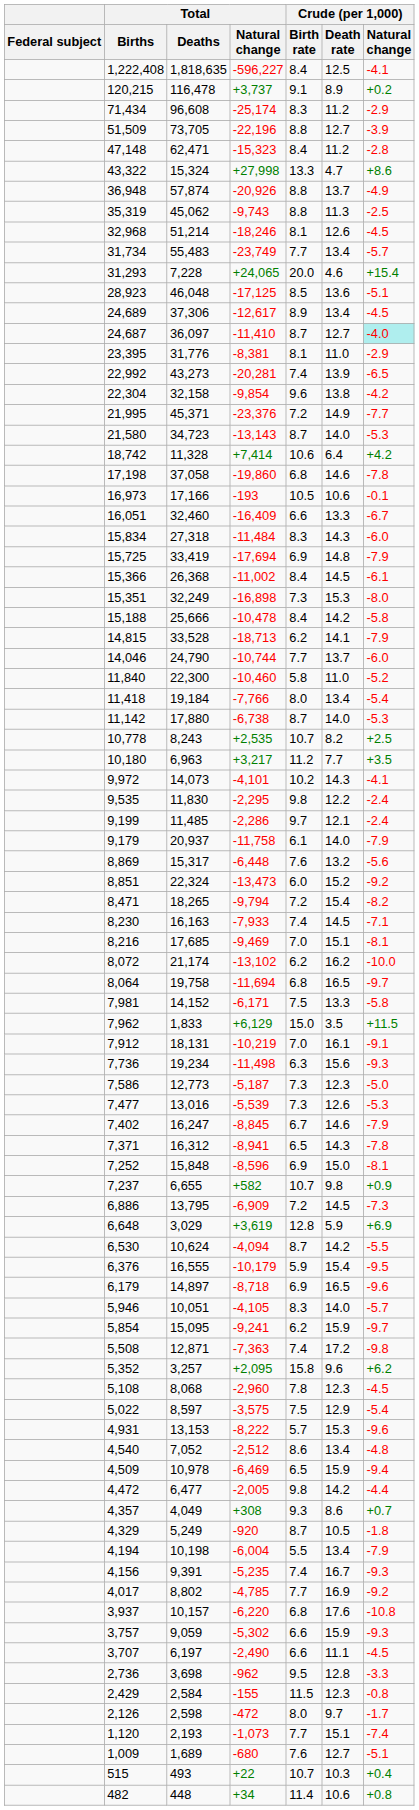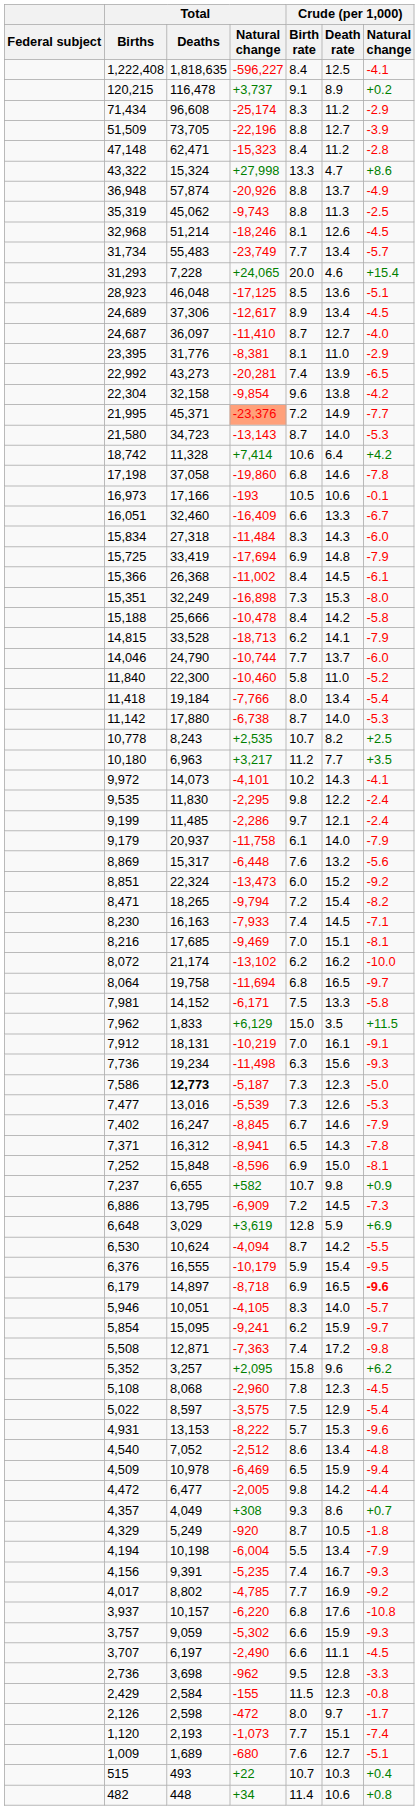 <table class="sortable wikitable sticky-header static-row-numbers col1left" >
 <tr>
 <th></th>
 <th colspan="3"><strong>Total</strong></th>
 <th colspan="3">Crude (per 1,000)</th>
 </tr>
 <tr>
 <th>Federal subject</th>
 <th>Births</th>
 <th>Deaths</th>
 <th>Natural<br>change</th>
 <th>Birth <br>rate</th>
 <th>Death <br>rate</th>
 <th>Natural<br>change</th>
 </tr>
 <tr class="static-row-numbers-norank">
 <td><strong></strong></td>
 <td>1,222,408</td>
 <td>1,818,635</td>
 <td style="color: red">-596,227</td>
 <td>8.4</td>
 <td>12.5</td>
 <td style="color: red">-4.1</td>
 </tr>
 <tr>
 <td></td>
 <td>120,215</td>
 <td>116,478</td>
 <td style="color: green">+3,737</td>
 <td>9.1</td>
 <td>8.9</td>
 <td style="color: green">+0.2</td>
 </tr>
 <tr>
 <td></td>
 <td>71,434</td>
 <td>96,608</td>
 <td style="color: red">-25,174</td>
 <td>8.3</td>
 <td>11.2</td>
 <td style="color: red">-2.9</td>
 </tr>
 <tr>
 <td></td>
 <td>51,509</td>
 <td>73,705</td>
 <td style="color: red">-22,196</td>
 <td>8.8</td>
 <td>12.7</td>
 <td style="color: red">-3.9</td>
 </tr>
 <tr>
 <td></td>
 <td>47,148</td>
 <td>62,471</td>
 <td style="color: red">-15,323</td>
 <td>8.4</td>
 <td>11.2</td>
 <td style="color: red">-2.8</td>
 </tr>
 <tr>
 <td></td>
 <td>43,322</td>
 <td>15,324</td>
 <td style="color: green">+27,998</td>
 <td>13.3</td>
 <td>4.7</td>
 <td style="color: green">+8.6</td>
 </tr>
 <tr>
 <td></td>
 <td>36,948</td>
 <td>57,874</td>
 <td style="color: red">-20,926</td>
 <td>8.8</td>
 <td>13.7</td>
 <td style="color: red">-4.9</td>
 </tr>
 <tr>
 <td></td>
 <td>35,319</td>
 <td>45,062</td>
 <td style="color: red">-9,743</td>
 <td>8.8</td>
 <td>11.3</td>
 <td style="color: red">-2.5</td>
 </tr>
 <tr>
 <td></td>
 <td>32,968</td>
 <td>51,214</td>
 <td style="color: red">-18,246</td>
 <td>8.1</td>
 <td>12.6</td>
 <td style="color: red">-4.5</td>
 </tr>
 <tr>
 <td></td>
 <td>31,734</td>
 <td>55,483</td>
 <td style="color: red">-23,749</td>
 <td>7.7</td>
 <td>13.4</td>
 <td style="color: red">-5.7</td>
 </tr>
 <tr>
 <td></td>
 <td>31,293</td>
 <td>7,228</td>
 <td style="color: green">+24,065</td>
 <td>20.0</td>
 <td>4.6</td>
 <td style="color: green">+15.4</td>
 </tr>
 <tr>
 <td></td>
 <td>28,923</td>
 <td>46,048</td>
 <td style="color: red">-17,125</td>
 <td>8.5</td>
 <td>13.6</td>
 <td style="color: red">-5.1</td>
 </tr>
 <tr>
 <td></td>
 <td>24,689</td>
 <td>37,306</td>
 <td style="color: red">-12,617</td>
 <td>8.9</td>
 <td>13.4</td>
 <td style="color: red">-4.5</td>
 </tr>
 <tr>
 <td></td>
 <td>24,687</td>
 <td>36,097</td>
 <td style="color: red">-11,410</td>
 <td>8.7</td>
 <td>12.7</td>
-<td style="background: paleturquoise; color: red">-4.0</td>
+<td style="color: red">-4.0</td>
 </tr>
 <tr>
 <td></td>
 <td>23,395</td>
 <td>31,776</td>
 <td style="color: red">-8,381</td>
 <td>8.1</td>
 <td>11.0</td>
 <td style="color: red">-2.9</td>
 </tr>
 <tr>
 <td></td>
 <td>22,992</td>
 <td>43,273</td>
 <td style="color: red">-20,281</td>
 <td>7.4</td>
 <td>13.9</td>
 <td style="color: red">-6.5</td>
 </tr>
 <tr>
 <td></td>
 <td>22,304</td>
 <td>32,158</td>
 <td style="color: red">-9,854</td>
 <td>9.6</td>
 <td>13.8</td>
 <td style="color: red">-4.2</td>
 </tr>
 <tr>
 <td></td>
 <td>21,995</td>
 <td>45,371</td>
-<td style="color: red">-23,376</td>
+<td style="background: lightsalmon; color: red">-23,376</td>
 <td>7.2</td>
 <td>14.9</td>
 <td style="color: red">-7.7</td>
 </tr>
 <tr>
 <td></td>
 <td>21,580</td>
 <td>34,723</td>
 <td style="color: red">-13,143</td>
 <td>8.7</td>
 <td>14.0</td>
 <td style="color: red">-5.3</td>
 </tr>
 <tr>
 <td></td>
 <td>18,742</td>
 <td>11,328</td>
 <td style="color: green">+7,414</td>
 <td>10.6</td>
 <td>6.4</td>
 <td style="color: green">+4.2</td>
 </tr>
 <tr>
 <td></td>
 <td>17,198</td>
 <td>37,058</td>
 <td style="color: red">-19,860</td>
 <td>6.8</td>
 <td>14.6</td>
 <td style="color: red">-7.8</td>
 </tr>
 <tr>
 <td></td>
 <td>16,973</td>
 <td>17,166</td>
 <td style="color: red">-193</td>
 <td>10.5</td>
 <td>10.6</td>
 <td style="color: red">-0.1</td>
 </tr>
 <tr>
 <td></td>
 <td>16,051</td>
 <td>32,460</td>
 <td style="color: red">-16,409</td>
 <td>6.6</td>
 <td>13.3</td>
 <td style="color: red">-6.7</td>
 </tr>
 <tr>
 <td></td>
 <td>15,834</td>
 <td>27,318</td>
 <td style="color: red">-11,484</td>
 <td>8.3</td>
 <td>14.3</td>
 <td style="color: red">-6.0</td>
 </tr>
 <tr>
 <td></td>
 <td>15,725</td>
 <td>33,419</td>
 <td style="color: red">-17,694</td>
 <td>6.9</td>
 <td>14.8</td>
 <td style="color: red">-7.9</td>
 </tr>
 <tr>
 <td></td>
 <td>15,366</td>
 <td>26,368</td>
 <td style="color: red">-11,002</td>
 <td>8.4</td>
 <td>14.5</td>
 <td style="color: red">-6.1</td>
 </tr>
 <tr>
 <td></td>
 <td>15,351</td>
 <td>32,249</td>
 <td style="color: red">-16,898</td>
 <td>7.3</td>
 <td>15.3</td>
 <td style="color: red">-8.0</td>
 </tr>
 <tr>
 <td></td>
 <td>15,188</td>
 <td>25,666</td>
 <td style="color: red">-10,478</td>
 <td>8.4</td>
 <td>14.2</td>
 <td style="color: red">-5.8</td>
 </tr>
 <tr>
 <td></td>
 <td>14,815</td>
 <td>33,528</td>
 <td style="color: red">-18,713</td>
 <td>6.2</td>
 <td>14.1</td>
 <td style="color: red">-7.9</td>
 </tr>
 <tr>
 <td></td>
 <td>14,046</td>
 <td>24,790</td>
 <td style="color: red">-10,744</td>
 <td>7.7</td>
 <td>13.7</td>
 <td style="color: red">-6.0</td>
 </tr>
 <tr>
 <td></td>
 <td>11,840</td>
 <td>22,300</td>
 <td style="color: red">-10,460</td>
 <td>5.8</td>
 <td>11.0</td>
 <td style="color: red">-5.2</td>
 </tr>
 <tr>
 <td></td>
 <td>11,418</td>
 <td>19,184</td>
 <td style="color: red">-7,766</td>
 <td>8.0</td>
 <td>13.4</td>
 <td style="color: red">-5.4</td>
 </tr>
 <tr>
 <td></td>
 <td>11,142</td>
 <td>17,880</td>
 <td style="color: red">-6,738</td>
 <td>8.7</td>
 <td>14.0</td>
 <td style="color: red">-5.3</td>
 </tr>
 <tr>
 <td></td>
 <td>10,778</td>
 <td>8,243</td>
 <td style="color: green">+2,535</td>
 <td>10.7</td>
 <td>8.2</td>
 <td style="color: green">+2.5</td>
 </tr>
 <tr>
 <td></td>
 <td>10,180</td>
 <td>6,963</td>
 <td style="color: green">+3,217</td>
 <td>11.2</td>
 <td>7.7</td>
 <td style="color: green">+3.5</td>
 </tr>
 <tr>
 <td></td>
 <td>9,972</td>
 <td>14,073</td>
 <td style="color: red">-4,101</td>
 <td>10.2</td>
 <td>14.3</td>
 <td style="color: red">-4.1</td>
 </tr>
 <tr>
 <td></td>
 <td>9,535</td>
 <td>11,830</td>
 <td style="color: red">-2,295</td>
 <td>9.8</td>
 <td>12.2</td>
 <td style="color: red">-2.4</td>
 </tr>
 <tr>
 <td></td>
 <td>9,199</td>
 <td>11,485</td>
 <td style="color: red">-2,286</td>
 <td>9.7</td>
 <td>12.1</td>
 <td style="color: red">-2.4</td>
 </tr>
 <tr>
 <td></td>
 <td>9,179</td>
 <td>20,937</td>
 <td style="color: red">-11,758</td>
 <td>6.1</td>
 <td>14.0</td>
 <td style="color: red">-7.9</td>
 </tr>
 <tr>
 <td></td>
 <td>8,869</td>
 <td>15,317</td>
 <td style="color: red">-6,448</td>
 <td>7.6</td>
 <td>13.2</td>
 <td style="color: red">-5.6</td>
 </tr>
 <tr>
 <td></td>
 <td>8,851</td>
 <td>22,324</td>
 <td style="color: red">-13,473</td>
 <td>6.0</td>
 <td>15.2</td>
 <td style="color: red">-9.2</td>
 </tr>
 <tr>
 <td></td>
 <td>8,471</td>
 <td>18,265</td>
 <td style="color: red">-9,794</td>
 <td>7.2</td>
 <td>15.4</td>
 <td style="color: red">-8.2</td>
 </tr>
 <tr>
 <td></td>
 <td>8,230</td>
 <td>16,163</td>
 <td style="color: red">-7,933</td>
 <td>7.4</td>
 <td>14.5</td>
 <td style="color: red">-7.1</td>
 </tr>
 <tr>
 <td></td>
 <td>8,216</td>
 <td>17,685</td>
 <td style="color: red">-9,469</td>
 <td>7.0</td>
 <td>15.1</td>
 <td style="color: red">-8.1</td>
 </tr>
 <tr>
 <td></td>
 <td>8,072</td>
 <td>21,174</td>
 <td style="color: red">-13,102</td>
 <td>6.2</td>
 <td>16.2</td>
 <td style="color: red">-10.0</td>
 </tr>
 <tr>
 <td></td>
 <td>8,064</td>
 <td>19,758</td>
 <td style="color: red">-11,694</td>
 <td>6.8</td>
 <td>16.5</td>
 <td style="color: red">-9.7</td>
 </tr>
 <tr>
 <td></td>
 <td>7,981</td>
 <td>14,152</td>
 <td style="color: red">-6,171</td>
 <td>7.5</td>
 <td>13.3</td>
 <td style="color: red">-5.8</td>
 </tr>
 <tr>
 <td></td>
 <td>7,962</td>
 <td>1,833</td>
 <td style="color: green">+6,129</td>
 <td>15.0</td>
 <td>3.5</td>
 <td style="color: green">+11.5</td>
 </tr>
 <tr>
 <td></td>
 <td>7,912</td>
 <td>18,131</td>
 <td style="color: red">-10,219</td>
 <td>7.0</td>
 <td>16.1</td>
 <td style="color: red">-9.1</td>
 </tr>
 <tr>
 <td></td>
 <td>7,736</td>
 <td>19,234</td>
 <td style="color: red">-11,498</td>
 <td>6.3</td>
 <td>15.6</td>
 <td style="color: red">-9.3</td>
 </tr>
 <tr>
 <td></td>
 <td>7,586</td>
-<td>12,773</td>
+<td><strong>12,773</strong></td>
 <td style="color: red">-5,187</td>
 <td>7.3</td>
 <td>12.3</td>
 <td style="color: red">-5.0</td>
 </tr>
 <tr>
 <td></td>
 <td>7,477</td>
 <td>13,016</td>
 <td style="color: red">-5,539</td>
 <td>7.3</td>
 <td>12.6</td>
 <td style="color: red">-5.3</td>
 </tr>
 <tr>
 <td></td>
 <td>7,402</td>
 <td>16,247</td>
 <td style="color: red">-8,845</td>
 <td>6.7</td>
 <td>14.6</td>
 <td style="color: red">-7.9</td>
 </tr>
 <tr>
 <td></td>
 <td>7,371</td>
 <td>16,312</td>
 <td style="color: red">-8,941</td>
 <td>6.5</td>
 <td>14.3</td>
 <td style="color: red">-7.8</td>
 </tr>
 <tr>
 <td></td>
 <td>7,252</td>
 <td>15,848</td>
 <td style="color: red">-8,596</td>
 <td>6.9</td>
 <td>15.0</td>
 <td style="color: red">-8.1</td>
 </tr>
 <tr>
 <td></td>
 <td>7,237</td>
 <td>6,655</td>
 <td style="color: green">+582</td>
 <td>10.7</td>
 <td>9.8</td>
 <td style="color: green">+0.9</td>
 </tr>
 <tr>
 <td></td>
 <td>6,886</td>
 <td>13,795</td>
 <td style="color: red">-6,909</td>
 <td>7.2</td>
 <td>14.5</td>
 <td style="color: red">-7.3</td>
 </tr>
 <tr>
 <td></td>
 <td>6,648</td>
 <td>3,029</td>
 <td style="color: green">+3,619</td>
 <td>12.8</td>
 <td>5.9</td>
 <td style="color: green">+6.9</td>
 </tr>
 <tr>
 <td></td>
 <td>6,530</td>
 <td>10,624</td>
 <td style="color: red">-4,094</td>
 <td>8.7</td>
 <td>14.2</td>
 <td style="color: red">-5.5</td>
 </tr>
 <tr>
 <td></td>
 <td>6,376</td>
 <td>16,555</td>
 <td style="color: red">-10,179</td>
 <td>5.9</td>
 <td>15.4</td>
 <td style="color: red">-9.5</td>
 </tr>
 <tr>
 <td></td>
 <td>6,179</td>
 <td>14,897</td>
 <td style="color: red">-8,718</td>
 <td>6.9</td>
 <td>16.5</td>
-<td style="color: red">-9.6</td>
+<td style="color: red"><strong>-9.6</strong></td>
 </tr>
 <tr>
 <td></td>
 <td>5,946</td>
 <td>10,051</td>
 <td style="color: red">-4,105</td>
 <td>8.3</td>
 <td>14.0</td>
 <td style="color: red">-5.7</td>
 </tr>
 <tr>
 <td></td>
 <td>5,854</td>
 <td>15,095</td>
 <td style="color: red">-9,241</td>
 <td>6.2</td>
 <td>15.9</td>
 <td style="color: red">-9.7</td>
 </tr>
 <tr>
 <td></td>
 <td>5,508</td>
 <td>12,871</td>
 <td style="color: red">-7,363</td>
 <td>7.4</td>
 <td>17.2</td>
 <td style="color: red">-9.8</td>
 </tr>
 <tr>
 <td></td>
 <td>5,352</td>
 <td>3,257</td>
 <td style="color: green">+2,095</td>
 <td>15.8</td>
 <td>9.6</td>
 <td style="color: green">+6.2</td>
 </tr>
 <tr>
 <td></td>
 <td>5,108</td>
 <td>8,068</td>
 <td style="color: red">-2,960</td>
 <td>7.8</td>
 <td>12.3</td>
 <td style="color: red">-4.5</td>
 </tr>
 <tr>
 <td></td>
 <td>5,022</td>
 <td>8,597</td>
 <td style="color: red">-3,575</td>
 <td>7.5</td>
 <td>12.9</td>
 <td style="color: red">-5.4</td>
 </tr>
 <tr>
 <td></td>
 <td>4,931</td>
 <td>13,153</td>
 <td style="color: red">-8,222</td>
 <td>5.7</td>
 <td>15.3</td>
 <td style="color: red">-9.6</td>
 </tr>
 <tr>
 <td></td>
 <td>4,540</td>
 <td>7,052</td>
 <td style="color: red">-2,512</td>
 <td>8.6</td>
 <td>13.4</td>
 <td style="color: red">-4.8</td>
 </tr>
 <tr>
 <td></td>
 <td>4,509</td>
 <td>10,978</td>
 <td style="color: red">-6,469</td>
 <td>6.5</td>
 <td>15.9</td>
 <td style="color: red">-9.4</td>
 </tr>
 <tr>
 <td></td>
 <td>4,472</td>
 <td>6,477</td>
 <td style="color: red">-2,005</td>
 <td>9.8</td>
 <td>14.2</td>
 <td style="color: red">-4.4</td>
 </tr>
 <tr>
 <td></td>
 <td>4,357</td>
 <td>4,049</td>
 <td style="color: green">+308</td>
 <td>9.3</td>
 <td>8.6</td>
 <td style="color: green">+0.7</td>
 </tr>
 <tr>
 <td></td>
 <td>4,329</td>
 <td>5,249</td>
 <td style="color: red">-920</td>
 <td>8.7</td>
 <td>10.5</td>
 <td style="color: red">-1.8</td>
 </tr>
 <tr>
 <td></td>
 <td>4,194</td>
 <td>10,198</td>
 <td style="color: red">-6,004</td>
 <td>5.5</td>
 <td>13.4</td>
 <td style="color: red">-7.9</td>
 </tr>
 <tr>
 <td></td>
 <td>4,156</td>
 <td>9,391</td>
 <td style="color: red">-5,235</td>
 <td>7.4</td>
 <td>16.7</td>
 <td style="color: red">-9.3</td>
 </tr>
 <tr>
 <td></td>
 <td>4,017</td>
 <td>8,802</td>
 <td style="color: red">-4,785</td>
 <td>7.7</td>
 <td>16.9</td>
 <td style="color: red">-9.2</td>
 </tr>
 <tr>
 <td></td>
 <td>3,937</td>
 <td>10,157</td>
 <td style="color: red">-6,220</td>
 <td>6.8</td>
 <td>17.6</td>
 <td style="color: red">-10.8</td>
 </tr>
 <tr>
 <td></td>
 <td>3,757</td>
 <td>9,059</td>
 <td style="color: red">-5,302</td>
 <td>6.6</td>
 <td>15.9</td>
 <td style="color: red">-9.3</td>
 </tr>
 <tr>
 <td></td>
 <td>3,707</td>
 <td>6,197</td>
 <td style="color: red">-2,490</td>
 <td>6.6</td>
 <td>11.1</td>
 <td style="color: red">-4.5</td>
 </tr>
 <tr>
 <td></td>
 <td>2,736</td>
 <td>3,698</td>
 <td style="color: red">-962</td>
 <td>9.5</td>
 <td>12.8</td>
 <td style="color: red">-3.3</td>
 </tr>
 <tr>
 <td></td>
 <td>2,429</td>
 <td>2,584</td>
 <td style="color: red">-155</td>
 <td>11.5</td>
 <td>12.3</td>
 <td style="color: red">-0.8</td>
 </tr>
 <tr>
 <td></td>
 <td>2,126</td>
 <td>2,598</td>
 <td style="color: red">-472</td>
 <td>8.0</td>
 <td>9.7</td>
 <td style="color: red">-1.7</td>
 </tr>
 <tr>
 <td></td>
 <td>1,120</td>
 <td>2,193</td>
 <td style="color: red">-1,073</td>
 <td>7.7</td>
 <td>15.1</td>
 <td style="color: red">-7.4</td>
 </tr>
 <tr>
 <td></td>
 <td>1,009</td>
 <td>1,689</td>
 <td style="color: red">-680</td>
 <td>7.6</td>
 <td>12.7</td>
 <td style="color: red">-5.1</td>
 </tr>
 <tr>
 <td></td>
 <td>515</td>
 <td>493</td>
 <td style="color: green">+22</td>
 <td>10.7</td>
 <td>10.3</td>
 <td style="color: green">+0.4</td>
 </tr>
 <tr>
 <td></td>
 <td>482</td>
 <td>448</td>
 <td style="color: green">+34</td>
 <td>11.4</td>
 <td>10.6</td>
 <td style="color: green">+0.8</td>
 </tr>
 </table>
